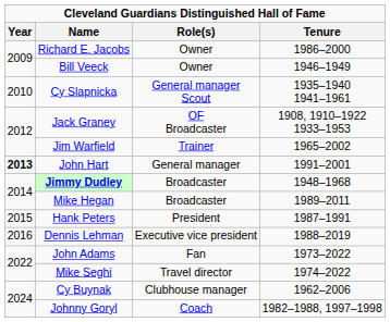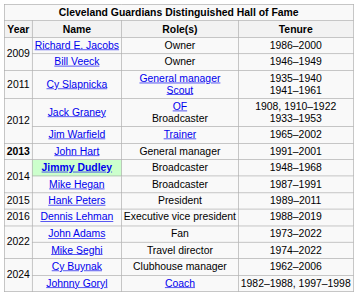 <table class="wikitable" style="text-align:center">
 <tr>
 <td colspan="5"><strong>Cleveland Guardians Distinguished Hall of Fame</strong></td>
 </tr>
 <tr>
 <th scope="col">Year</th>
 <th scope="col">Name</th>
 <th scope="col">Role(s)</th>
 <th scope="col">Tenure</th>
 </tr>
 <tr>
 <td rowspan=2>2009</td>
 <td><a href='#'>Richard E. Jacobs</a></td>
 <td>Owner</td>
 <td>1986–2000</td>
 </tr>
 <tr>
 <td><a href='#'>Bill Veeck</a></td>
 <td>Owner</td>
 <td>1946–1949</td>
 </tr>
 <tr>
-<td>2010</td>
+<td>2011</td>
 <td><a href='#'>Cy Slapnicka</a></td>
 <td><a href='#'>General manager</a><br><a href='#'>Scout</a></td>
 <td>1935–1940<br>1941–1961</td>
 </tr>
 <tr>
 <td rowspan=2>2012</td>
 <td><a href='#'>Jack Graney</a></td>
 <td><a href='#'>OF</a><br>Broadcaster</td>
 <td>1908, 1910–1922<br>1933–1953</td>
 </tr>
 <tr>
 <td><a href='#'>Jim Warfield</a></td>
 <td><a href='#'>Trainer</a></td>
 <td>1965–2002</td>
 </tr>
 <tr>
 <td><strong>2013</strong></td>
 <td><a href='#'>John Hart</a></td>
 <td>General manager</td>
 <td>1991–2001</td>
 </tr>
 <tr>
 <td rowspan=2>2014</td>
 <td style="background:#cfc;"><strong><a href='#'>Jimmy Dudley</a></strong></td>
 <td>Broadcaster</td>
 <td>1948–1968</td>
 </tr>
 <tr>
 <td><a href='#'>Mike Hegan</a></td>
 <td>Broadcaster</td>
-<td>1989–2011</td>
+<td>1987–1991</td>
 </tr>
 <tr>
 <td>2015</td>
 <td><a href='#'>Hank Peters</a></td>
 <td>President</td>
-<td>1987–1991</td>
+<td>1989–2011</td>
 </tr>
 <tr>
 <td>2016</td>
 <td><a href='#'>Dennis Lehman</a></td>
 <td>Executive vice president</td>
 <td>1988–2019</td>
 </tr>
 <tr>
 <td rowspan=2>2022</td>
 <td><a href='#'>John Adams</a></td>
 <td>Fan</td>
 <td>1973–2022</td>
 </tr>
 <tr>
 <td><a href='#'>Mike Seghi</a></td>
 <td>Travel director</td>
 <td>1974–2022</td>
 </tr>
 <tr>
 <td rowspan=2>2024</td>
 <td><a href='#'>Cy Buynak</a></td>
 <td>Clubhouse manager</td>
 <td>1962–2006</td>
 </tr>
 <tr>
 <td><a href='#'>Johnny Goryl</a></td>
 <td><a href='#'>Coach</a></td>
 <td>1982–1988, 1997–1998</td>
 </tr>
 </table>
